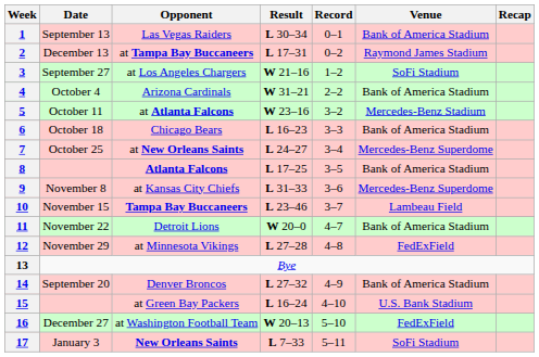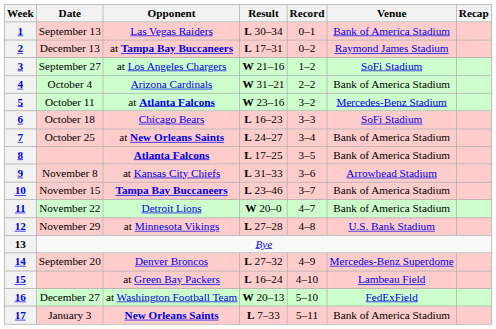 <table class="wikitable" style="text-align:center">
 <tr>
 <th>Week</th>
 <th>Date</th>
 <th>Opponent</th>
 <th>Result</th>
 <th>Record</th>
 <th>Venue</th>
 <th>Recap</th>
 </tr>
 <tr style="background:#fcc">
 <th><a href='#'>1</a></th>
 <td>September 13</td>
 <td><a href='#'>Las Vegas Raiders</a></td>
 <td><strong>L</strong> 30–34</td>
 <td>0–1</td>
 <td><a href='#'>Bank of America Stadium</a></td>
 <td></td>
 </tr>
 <tr style="background:#fcc">
 <th><a href='#'>2</a></th>
 <td>December 13</td>
 <td>at <strong><a href='#'>Tampa Bay Buccaneers</a></strong></td>
 <td><strong>L</strong> 17–31</td>
 <td>0–2</td>
 <td><a href='#'>Raymond James Stadium</a></td>
 <td></td>
 </tr>
 <tr style="background:#cfc">
 <th><a href='#'>3</a></th>
 <td>September 27</td>
 <td>at <a href='#'>Los Angeles Chargers</a></td>
 <td><strong>W</strong> 21–16</td>
 <td>1–2</td>
 <td><a href='#'>SoFi Stadium</a></td>
 <td></td>
 </tr>
 <tr style="background:#cfc">
 <th><a href='#'>4</a></th>
 <td>October 4</td>
 <td><a href='#'>Arizona Cardinals</a></td>
 <td><strong>W</strong> 31–21</td>
 <td>2–2</td>
 <td>Bank of America Stadium</td>
 <td></td>
 </tr>
 <tr style="background:#cfc">
 <th><a href='#'>5</a></th>
 <td>October 11</td>
 <td>at <strong><a href='#'>Atlanta Falcons</a></strong></td>
 <td><strong>W</strong> 23–16</td>
 <td>3–2</td>
 <td><a href='#'>Mercedes-Benz Stadium</a></td>
 <td></td>
 </tr>
 <tr style="background:#fcc">
 <th><a href='#'>6</a></th>
 <td>October 18</td>
 <td><a href='#'>Chicago Bears</a></td>
 <td><strong>L</strong> 16–23</td>
 <td>3–3</td>
-<td>Bank of America Stadium</td>
+<td><a href='#'>SoFi Stadium</a></td>
 <td></td>
 </tr>
 <tr style="background:#fcc">
 <th><a href='#'>7</a></th>
 <td>October 25</td>
 <td>at <strong><a href='#'>New Orleans Saints</a></strong></td>
 <td><strong>L</strong> 24–27</td>
 <td>3–4</td>
-<td><a href='#'>Mercedes-Benz Superdome</a></td>
+<td>Bank of America Stadium</td>
 <td></td>
 </tr>
 <tr style="background:#fcc">
 <th><a href='#'>8</a></th>
 <td></td>
 <td><strong><a href='#'>Atlanta Falcons</a></strong></td>
 <td><strong>L</strong> 17–25</td>
 <td>3–5</td>
 <td>Bank of America Stadium</td>
 <td></td>
 </tr>
 <tr style="background:#fcc">
 <th><a href='#'>9</a></th>
 <td>November 8</td>
 <td>at <a href='#'>Kansas City Chiefs</a></td>
 <td><strong>L</strong> 31–33</td>
 <td>3–6</td>
-<td><a href='#'>Mercedes-Benz Superdome</a></td>
+<td><a href='#'>Arrowhead Stadium</a></td>
 <td></td>
 </tr>
 <tr style="background:#fcc">
 <th><a href='#'>10</a></th>
 <td>November 15</td>
 <td><strong><a href='#'>Tampa Bay Buccaneers</a></strong></td>
 <td><strong>L</strong> 23–46</td>
 <td>3–7</td>
-<td><a href='#'>Lambeau Field</a></td>
+<td>Bank of America Stadium</td>
 <td></td>
 </tr>
 <tr style="background:#cfc">
 <th><a href='#'>11</a></th>
 <td>November 22</td>
 <td><a href='#'>Detroit Lions</a></td>
 <td><strong>W</strong> 20–0</td>
 <td>4–7</td>
 <td>Bank of America Stadium</td>
 <td></td>
 </tr>
 <tr style="background:#fcc">
 <th><a href='#'>12</a></th>
 <td>November 29</td>
 <td>at <a href='#'>Minnesota Vikings</a></td>
 <td><strong>L</strong> 27–28</td>
 <td>4–8</td>
-<td><a href='#'>FedExField</a></td>
+<td><a href='#'>U.S. Bank Stadium</a></td>
 <td></td>
 </tr>
 <tr>
 <th>13</th>
 <td colspan="6"><em><a href='#'>Bye</a></em></td>
 </tr>
 <tr style="background:#fcc">
 <th><a href='#'>14</a></th>
 <td>September 20</td>
 <td><a href='#'>Denver Broncos</a></td>
 <td><strong>L</strong> 27–32</td>
 <td>4–9</td>
-<td>Bank of America Stadium</td>
+<td><a href='#'>Mercedes-Benz Superdome</a></td>
 <td></td>
 </tr>
 <tr style="background:#fcc">
 <th><a href='#'>15</a></th>
 <td></td>
 <td>at <a href='#'>Green Bay Packers</a></td>
 <td><strong>L</strong> 16–24</td>
 <td>4–10</td>
-<td><a href='#'>U.S. Bank Stadium</a></td>
+<td><a href='#'>Lambeau Field</a></td>
 <td></td>
 </tr>
 <tr style="background:#cfc">
 <th><a href='#'>16</a></th>
 <td>December 27</td>
 <td>at <a href='#'>Washington Football Team</a></td>
 <td><strong>W</strong> 20–13</td>
 <td>5–10</td>
 <td><a href='#'>FedExField</a></td>
 <td></td>
 </tr>
 <tr style="background:#fcc">
 <th><a href='#'>17</a></th>
 <td>January 3</td>
 <td><strong><a href='#'>New Orleans Saints</a></strong></td>
 <td><strong>L</strong> 7–33</td>
 <td>5–11</td>
-<td><a href='#'>SoFi Stadium</a></td>
+<td>Bank of America Stadium</td>
 <td></td>
 </tr>
 </table>
